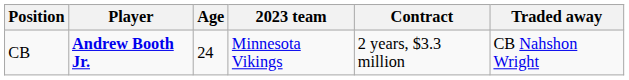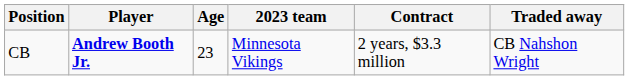 <table class="wikitable">
 <tr>
 <th>Position</th>
 <th>Player</th>
 <th>Age</th>
 <th>2023 team</th>
 <th>Contract</th>
 <th>Traded away</th>
 </tr>
 <tr>
 <td>CB</td>
 <td><strong><a href='#'>Andrew Booth Jr.</a></strong></td>
-<td>24</td>
+<td>23</td>
 <td><a href='#'>Minnesota Vikings</a></td>
 <td>2 years, $3.3 million</td>
 <td>CB <a href='#'>Nahshon Wright</a></td>
 </tr>
 </table>
